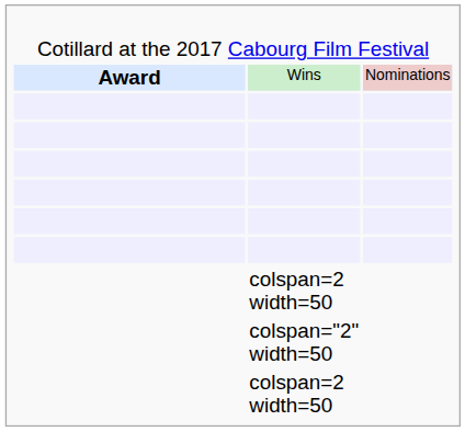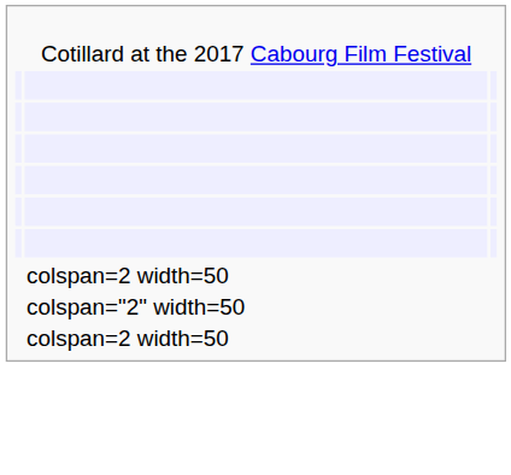 <table class="infobox" style="width: 22em; text-align: left; font-size: 90%; vertical-align: middle;">
 <tr>
 <td colspan="3" style="text-align:center;"><br>Cotillard at the 2017 <a href='#'>Cabourg Film Festival</a></td>
-</tr>
-<tr bgcolor=#D9E8FF style="text-align:center;">
-<th style="vertical-align: middle;">Award</th>
-<td style="background:#cceecc; font-size:8pt;" width="60px">Wins</td>
-<td style="background:#eecccc; font-size:8pt;" width="60px">Nominations</td>
 </tr>
 <tr bgcolor=#eeeeff>
 <td align="center"><br></td>
 <td></td>
 <td></td>
 </tr>
 <tr bgcolor=#eeeeff>
 <td align="center"><br></td>
 <td></td>
 <td></td>
 </tr>
 <tr bgcolor=#eeeeff>
 <td align="center"><br></td>
 <td></td>
 <td></td>
 </tr>
 <tr bgcolor=#eeeeff>
 <td align="center"><br></td>
 <td></td>
 <td></td>
 </tr>
 <tr bgcolor=#eeeeff>
 <td align="center"><br></td>
 <td></td>
 <td></td>
 </tr>
 <tr bgcolor=#eeeeff>
 <td align="center"><br></td>
 <td></td>
 <td></td>
 </tr>
 <tr>
 <td></td>
 <td>colspan=2 width=50 </td>
 </tr>
 <tr>
 <td></td>
 <td>colspan="2" width=50 </td>
 </tr>
 <tr>
 <td></td>
 <td>colspan=2 width=50 </td>
 </tr>
 </table>
